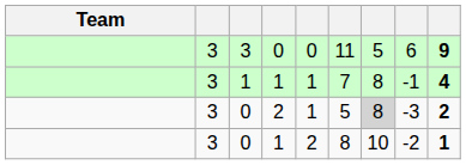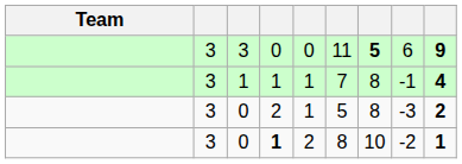 <table class="wikitable" style="text-align:center;">
 <tr>
 <th width=150>Team</th>
 <th width=20></th>
 <th width=20></th>
 <th width=20></th>
 <th width=20></th>
 <th width=20></th>
 <th width=20></th>
 <th width=20></th>
 <th width=20></th>
 </tr>
 <tr bgcolor="#ccffcc">
 <td align=left></td>
 <td>3</td>
 <td>3</td>
 <td>0</td>
 <td>0</td>
 <td>11</td>
-<td>5</td>
+<td><strong>5</strong></td>
 <td>6</td>
 <td><strong>9</strong></td>
 </tr>
 <tr bgcolor="#ccffcc">
 <td align=left></td>
 <td>3</td>
 <td>1</td>
 <td>1</td>
 <td>1</td>
 <td>7</td>
 <td>8</td>
 <td>-1</td>
 <td><strong>4</strong></td>
 </tr>
 <tr>
 <td align=left></td>
 <td>3</td>
 <td>0</td>
 <td>2</td>
 <td>1</td>
 <td>5</td>
-<td style="background: lightgrey;">8</td>
+<td>8</td>
 <td>-3</td>
 <td><strong>2</strong></td>
 </tr>
 <tr>
 <td align=left></td>
 <td>3</td>
 <td>0</td>
-<td>1</td>
+<td><strong>1</strong></td>
 <td>2</td>
 <td>8</td>
 <td>10</td>
 <td>-2</td>
 <td><strong>1</strong></td>
 </tr>
 </table>
